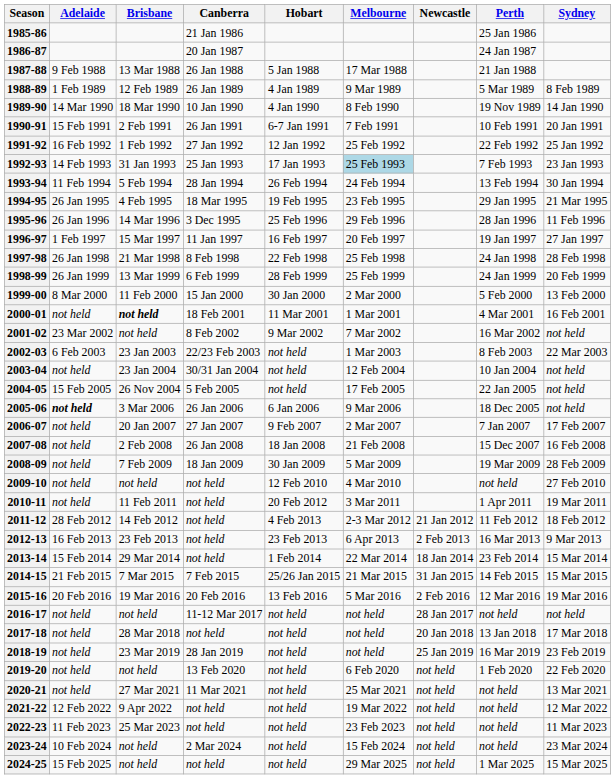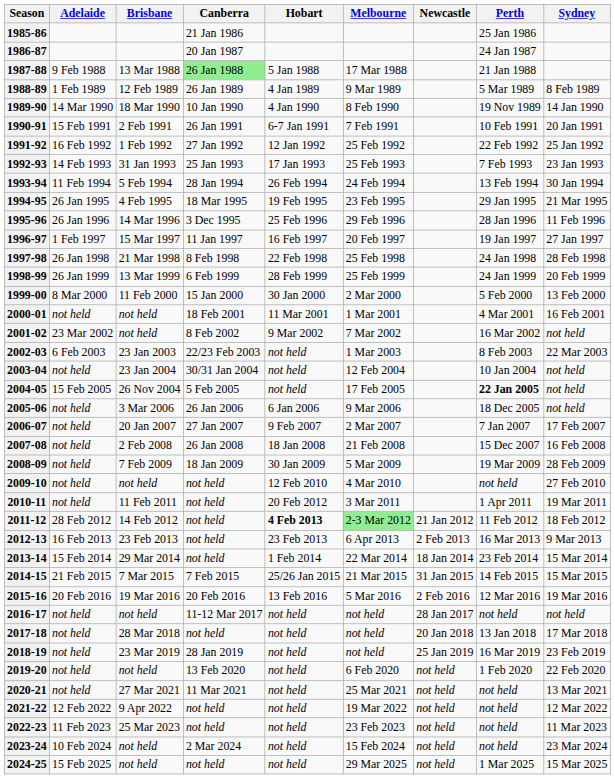 <table class="wikitable plainrowheaders defaultright">
 <tr>
 <th scope="col">Season</th>
 <th scope="col"><a href='#'>Adelaide</a></th>
 <th scope="col"><a href='#'>Brisbane</a></th>
 <th scope="col">Canberra</th>
 <th scope="col">Hobart</th>
 <th scope="col"><a href='#'>Melbourne</a></th>
 <th scope="col">Newcastle</th>
 <th scope="col"><a href='#'>Perth</a></th>
 <th scope="col"><a href='#'>Sydney</a></th>
 </tr>
 <tr>
 <th scope="row">1985-86</th>
 <td></td>
 <td></td>
 <td>21 Jan 1986</td>
 <td></td>
 <td></td>
 <td></td>
 <td>25 Jan 1986</td>
 <td></td>
 </tr>
 <tr>
 <th scope="row">1986-87</th>
 <td></td>
 <td></td>
 <td>20 Jan 1987</td>
 <td></td>
 <td></td>
 <td></td>
 <td>24 Jan 1987</td>
 <td></td>
 </tr>
 <tr>
 <th scope="row">1987-88</th>
 <td>9 Feb 1988</td>
 <td>13 Mar 1988</td>
-<td>26 Jan 1988</td>
+<td style="background: lightgreen;">26 Jan 1988</td>
 <td>5 Jan 1988</td>
 <td>17 Mar 1988</td>
 <td></td>
 <td>21 Jan 1988</td>
 <td></td>
 </tr>
 <tr>
 <th scope="row">1988-89</th>
 <td>1 Feb 1989</td>
 <td>12 Feb 1989</td>
 <td>26 Jan 1989</td>
 <td>4 Jan 1989</td>
 <td>9 Mar 1989</td>
 <td></td>
 <td>5 Mar 1989</td>
 <td>8 Feb 1989</td>
 </tr>
 <tr>
 <th scope="row">1989-90</th>
 <td>14 Mar 1990</td>
 <td>18 Mar 1990</td>
 <td>10 Jan 1990</td>
 <td>4 Jan 1990</td>
 <td>8 Feb 1990</td>
 <td></td>
 <td>19 Nov 1989</td>
 <td>14 Jan 1990</td>
 </tr>
 <tr>
 <th scope="row">1990-91</th>
 <td>15 Feb 1991</td>
 <td>2 Feb 1991</td>
 <td>26 Jan 1991</td>
 <td>6-7 Jan 1991</td>
 <td>7 Feb 1991</td>
 <td></td>
 <td>10 Feb 1991</td>
 <td>20 Jan 1991</td>
 </tr>
 <tr>
 <th scope="row">1991-92</th>
 <td>16 Feb 1992</td>
 <td>1 Feb 1992</td>
 <td>27 Jan 1992</td>
 <td>12 Jan 1992</td>
 <td>25 Feb 1992</td>
 <td></td>
 <td>22 Feb 1992</td>
 <td>25 Jan 1992</td>
 </tr>
 <tr>
 <th scope="row">1992-93</th>
 <td>14 Feb 1993</td>
 <td>31 Jan 1993</td>
 <td>25 Jan 1993</td>
 <td>17 Jan 1993</td>
-<td style="background: lightblue;">25 Feb 1993</td>
+<td>25 Feb 1993</td>
 <td></td>
 <td>7 Feb 1993</td>
 <td>23 Jan 1993</td>
 </tr>
 <tr>
 <th scope="row">1993-94</th>
 <td>11 Feb 1994</td>
 <td>5 Feb 1994</td>
 <td>28 Jan 1994</td>
 <td>26 Feb 1994</td>
 <td>24 Feb 1994</td>
 <td></td>
 <td>13 Feb 1994</td>
 <td>30 Jan 1994</td>
 </tr>
 <tr>
 <th scope="row">1994-95</th>
 <td>26 Jan 1995</td>
 <td>4 Feb 1995</td>
 <td>18 Mar 1995</td>
 <td>19 Feb 1995</td>
 <td>23 Feb 1995</td>
 <td></td>
 <td>29 Jan 1995</td>
 <td>21 Mar 1995</td>
 </tr>
 <tr>
 <th scope="row">1995-96</th>
 <td>26 Jan 1996</td>
 <td>14 Mar 1996</td>
 <td>3 Dec 1995</td>
 <td>25 Feb 1996</td>
 <td>29 Feb 1996</td>
 <td></td>
 <td>28 Jan 1996</td>
 <td>11 Feb 1996</td>
 </tr>
 <tr>
 <th scope="row">1996-97</th>
 <td>1 Feb 1997</td>
 <td>15 Mar 1997</td>
 <td>11 Jan 1997</td>
 <td>16 Feb 1997</td>
 <td>20 Feb 1997</td>
 <td></td>
 <td>19 Jan 1997</td>
 <td>27 Jan 1997</td>
 </tr>
 <tr>
 <th scope="row">1997-98</th>
 <td>26 Jan 1998</td>
 <td>21 Mar 1998</td>
 <td>8 Feb 1998</td>
 <td>22 Feb 1998</td>
 <td>25 Feb 1998</td>
 <td></td>
 <td>24 Jan 1998</td>
 <td>28 Feb 1998</td>
 </tr>
 <tr>
 <th scope="row">1998-99</th>
 <td>26 Jan 1999</td>
 <td>13 Mar 1999</td>
 <td>6 Feb 1999</td>
 <td>28 Feb 1999</td>
 <td>25 Feb 1999</td>
 <td></td>
 <td>24 Jan 1999</td>
 <td>20 Feb 1999</td>
 </tr>
 <tr>
 <th scope="row">1999-00</th>
 <td>8 Mar 2000</td>
 <td>11 Feb 2000</td>
 <td>15 Jan 2000</td>
 <td>30 Jan 2000</td>
 <td>2 Mar 2000</td>
 <td></td>
 <td>5 Feb 2000</td>
 <td>13 Feb 2000</td>
 </tr>
 <tr>
 <th scope="row">2000-01</th>
 <td><em>not held</em></td>
-<td><strong><em>not held</em></strong></td>
+<td><em>not held</em></td>
 <td>18 Feb 2001</td>
 <td>11 Mar 2001</td>
 <td>1 Mar 2001</td>
 <td></td>
 <td>4 Mar 2001</td>
 <td>16 Feb 2001</td>
 </tr>
 <tr>
 <th scope="row">2001-02</th>
 <td>23 Mar 2002</td>
 <td><em>not held</em></td>
 <td>8 Feb 2002</td>
 <td>9 Mar 2002</td>
 <td>7 Mar 2002</td>
 <td></td>
 <td>16 Mar 2002</td>
 <td><em>not held</em></td>
 </tr>
 <tr>
 <th scope="row">2002-03</th>
 <td>6 Feb 2003</td>
 <td>23 Jan 2003</td>
 <td>22/23 Feb 2003</td>
 <td><em>not held</em></td>
 <td>1 Mar 2003</td>
 <td></td>
 <td>8 Feb 2003</td>
 <td>22 Mar 2003</td>
 </tr>
 <tr>
 <th scope="row">2003-04</th>
 <td><em>not held</em></td>
 <td>23 Jan 2004</td>
 <td>30/31 Jan 2004</td>
 <td><em>not held</em></td>
 <td>12 Feb 2004</td>
 <td></td>
 <td>10 Jan 2004</td>
 <td><em>not held</em></td>
 </tr>
 <tr>
 <th scope="row">2004-05</th>
 <td>15 Feb 2005</td>
 <td>26 Nov 2004</td>
 <td>5 Feb 2005</td>
 <td><em>not held</em></td>
 <td>17 Feb 2005</td>
 <td></td>
-<td>22 Jan 2005</td>
+<td><strong>22 Jan 2005</strong></td>
 <td><em>not held</em></td>
 </tr>
 <tr>
 <th scope="row">2005-06</th>
-<td><strong><em>not held</em></strong></td>
+<td><em>not held</em></td>
 <td>3 Mar 2006</td>
 <td>26 Jan 2006</td>
 <td>6 Jan 2006</td>
 <td>9 Mar 2006</td>
 <td></td>
 <td>18 Dec 2005</td>
 <td><em>not held</em></td>
 </tr>
 <tr>
 <th scope="row">2006-07</th>
 <td><em>not held</em></td>
 <td>20 Jan 2007</td>
 <td>27 Jan 2007</td>
 <td>9 Feb 2007</td>
 <td>2 Mar 2007</td>
 <td></td>
 <td>7 Jan 2007</td>
 <td>17 Feb 2007</td>
 </tr>
 <tr>
 <th scope="row">2007-08</th>
 <td><em>not held</em></td>
 <td>2 Feb 2008</td>
 <td>26 Jan 2008</td>
 <td>18 Jan 2008</td>
 <td>21 Feb 2008</td>
 <td></td>
 <td>15 Dec 2007</td>
 <td>16 Feb 2008</td>
 </tr>
 <tr>
 <th scope="row">2008-09</th>
 <td><em>not held</em></td>
 <td>7 Feb 2009</td>
 <td>18 Jan 2009</td>
 <td>30 Jan 2009</td>
 <td>5 Mar 2009</td>
 <td></td>
 <td>19 Mar 2009</td>
 <td>28 Feb 2009</td>
 </tr>
 <tr>
 <th scope="row">2009-10</th>
 <td><em>not held</em></td>
 <td><em>not held</em></td>
 <td><em>not held</em></td>
 <td>12 Feb 2010</td>
 <td>4 Mar 2010</td>
 <td></td>
 <td><em>not held</em></td>
 <td>27 Feb 2010</td>
 </tr>
 <tr>
 <th scope="row">2010-11</th>
 <td><em>not held</em></td>
 <td>11 Feb 2011</td>
 <td><em>not held</em></td>
 <td>20 Feb 2012</td>
 <td>3 Mar 2011</td>
 <td></td>
 <td>1 Apr 2011</td>
 <td>19 Mar 2011</td>
 </tr>
 <tr>
 <th scope="row">2011-12</th>
 <td>28 Feb 2012</td>
 <td>14 Feb 2012</td>
 <td><em>not held</em></td>
-<td>4 Feb 2013</td>
-<td>2-3 Mar 2012</td>
+<td><strong>4 Feb 2013</strong></td>
+<td style="background: lightgreen;">2-3 Mar 2012</td>
 <td>21 Jan 2012</td>
 <td>11 Feb 2012</td>
 <td>18 Feb 2012</td>
 </tr>
 <tr>
 <th scope="row">2012-13</th>
 <td>16 Feb 2013</td>
 <td>23 Feb 2013</td>
 <td><em>not held</em></td>
 <td>23 Feb 2013</td>
 <td>6 Apr 2013</td>
 <td>2 Feb 2013</td>
 <td>16 Mar 2013</td>
 <td>9 Mar 2013</td>
 </tr>
 <tr>
 <th scope="row">2013-14</th>
 <td>15 Feb 2014</td>
 <td>29 Mar 2014</td>
 <td><em>not held</em></td>
 <td>1 Feb 2014</td>
 <td>22 Mar 2014</td>
 <td>18 Jan 2014</td>
 <td>23 Feb 2014</td>
 <td>15 Mar 2014</td>
 </tr>
 <tr>
 <th scope="row">2014-15</th>
 <td>21 Feb 2015</td>
 <td>7 Mar 2015</td>
 <td>7 Feb 2015</td>
 <td>25/26 Jan 2015</td>
 <td>21 Mar 2015</td>
 <td>31 Jan 2015</td>
 <td>14 Feb 2015</td>
 <td>15 Mar 2015</td>
 </tr>
 <tr>
 <th scope="row">2015-16</th>
 <td>20 Feb 2016</td>
 <td>19 Mar 2016</td>
 <td>20 Feb 2016</td>
 <td>13 Feb 2016</td>
 <td>5 Mar 2016</td>
 <td>2 Feb 2016</td>
 <td>12 Mar 2016</td>
 <td>19 Mar 2016</td>
 </tr>
 <tr>
 <th scope="row">2016-17</th>
 <td><em>not held</em></td>
 <td><em>not held</em></td>
 <td>11-12 Mar 2017</td>
 <td><em>not held</em></td>
 <td><em>not held</em></td>
 <td>28 Jan 2017</td>
 <td><em>not held</em></td>
 <td><em>not held</em></td>
 </tr>
 <tr>
 <th scope="row">2017-18</th>
 <td><em>not held</em></td>
 <td>28 Mar 2018</td>
 <td><em>not held</em></td>
 <td><em>not held</em></td>
 <td><em>not held</em></td>
 <td>20 Jan 2018</td>
 <td>13 Jan 2018</td>
 <td>17 Mar 2018</td>
 </tr>
 <tr>
 <th scope="row">2018-19</th>
 <td><em>not held</em></td>
 <td>23 Mar 2019</td>
 <td>28 Jan 2019</td>
 <td><em>not held</em></td>
 <td><em>not held</em></td>
 <td>25 Jan 2019</td>
 <td>16 Mar 2019</td>
 <td>23 Feb 2019</td>
 </tr>
 <tr>
 <th scope="row">2019-20</th>
 <td><em>not held</em></td>
 <td><em>not held</em></td>
 <td>13 Feb 2020</td>
 <td><em>not held</em></td>
 <td>6 Feb 2020</td>
 <td><em>not held</em></td>
 <td>1 Feb 2020</td>
 <td>22 Feb 2020</td>
 </tr>
 <tr>
 <th scope="row">2020-21</th>
 <td><em>not held</em></td>
 <td>27 Mar 2021</td>
 <td>11 Mar 2021</td>
 <td><em>not held</em></td>
 <td>25 Mar 2021</td>
 <td><em>not held</em></td>
 <td><em>not held</em></td>
 <td>13 Mar 2021</td>
 </tr>
 <tr>
 <th scope="row">2021-22</th>
 <td>12 Feb 2022</td>
 <td>9 Apr 2022</td>
 <td><em>not held</em></td>
 <td><em>not held</em></td>
 <td>19 Mar 2022</td>
 <td><em>not held</em></td>
 <td><em>not held</em></td>
 <td>12 Mar 2022</td>
 </tr>
 <tr>
 <th scope="row">2022-23</th>
 <td>11 Feb 2023</td>
 <td>25 Mar 2023</td>
 <td><em>not held</em></td>
 <td><em>not held</em></td>
 <td>23 Feb 2023</td>
 <td><em>not held</em></td>
 <td><em>not held</em></td>
 <td>11 Mar 2023</td>
 </tr>
 <tr>
 <th scope="row">2023-24</th>
 <td>10 Feb 2024</td>
 <td><em>not held</em></td>
 <td>2 Mar 2024</td>
 <td><em>not held</em></td>
 <td>15 Feb 2024</td>
 <td><em>not held</em></td>
 <td><em>not held</em></td>
 <td>23 Mar 2024</td>
 </tr>
 <tr>
 <th scope="row">2024-25</th>
 <td>15 Feb 2025</td>
 <td><em>not held</em></td>
 <td><em>not held</em></td>
 <td><em>not held</em></td>
 <td>29 Mar 2025</td>
 <td><em>not held</em></td>
 <td>1 Mar 2025</td>
 <td>15 Mar 2025</td>
 </tr>
 </table>
